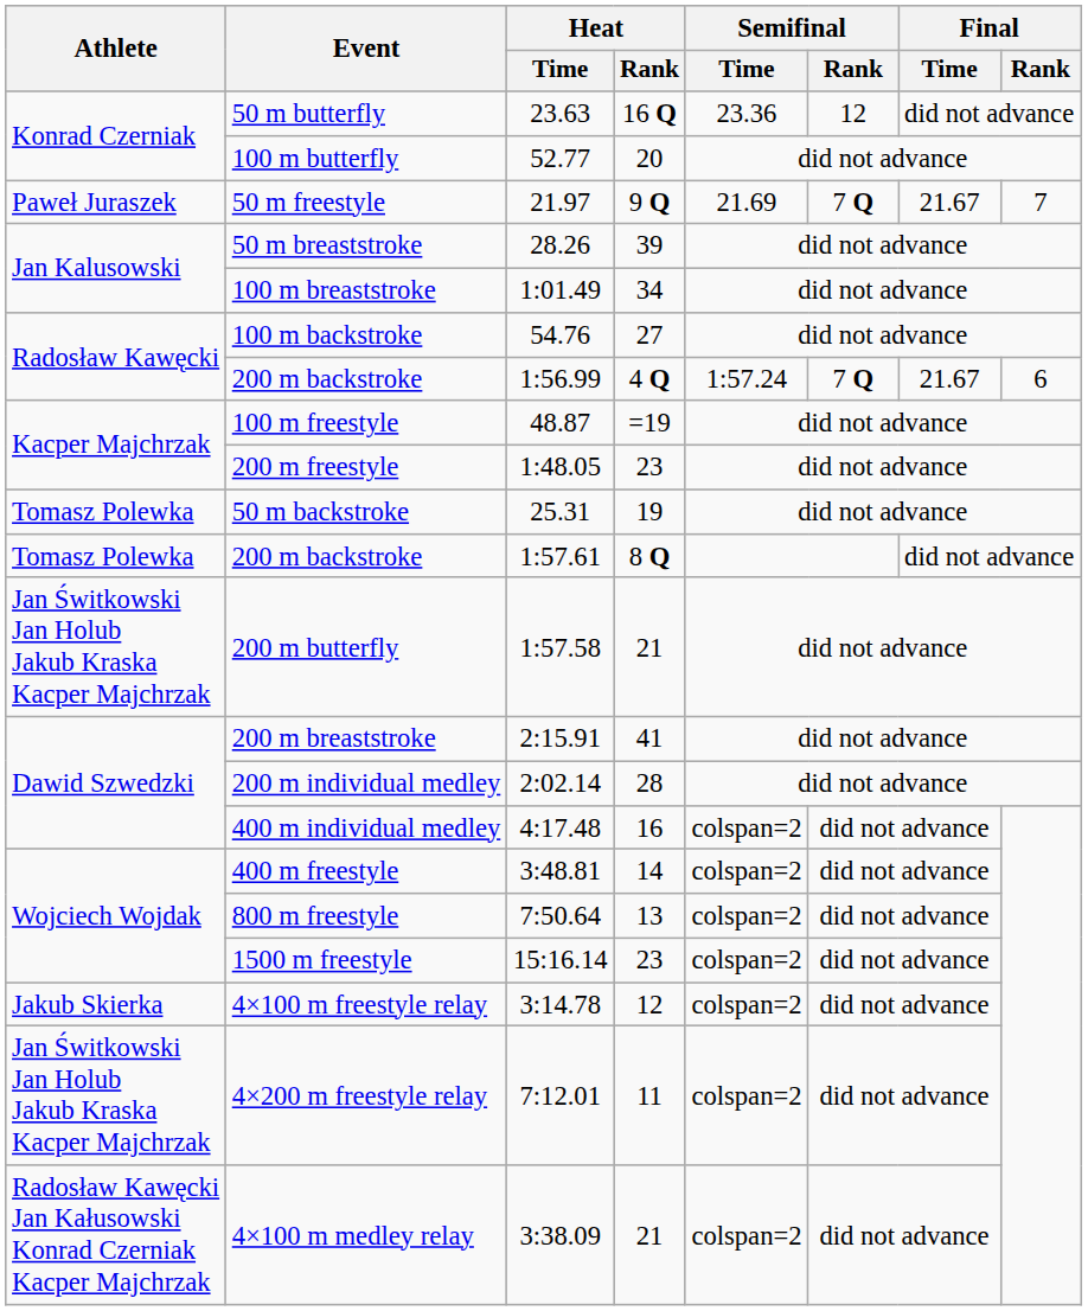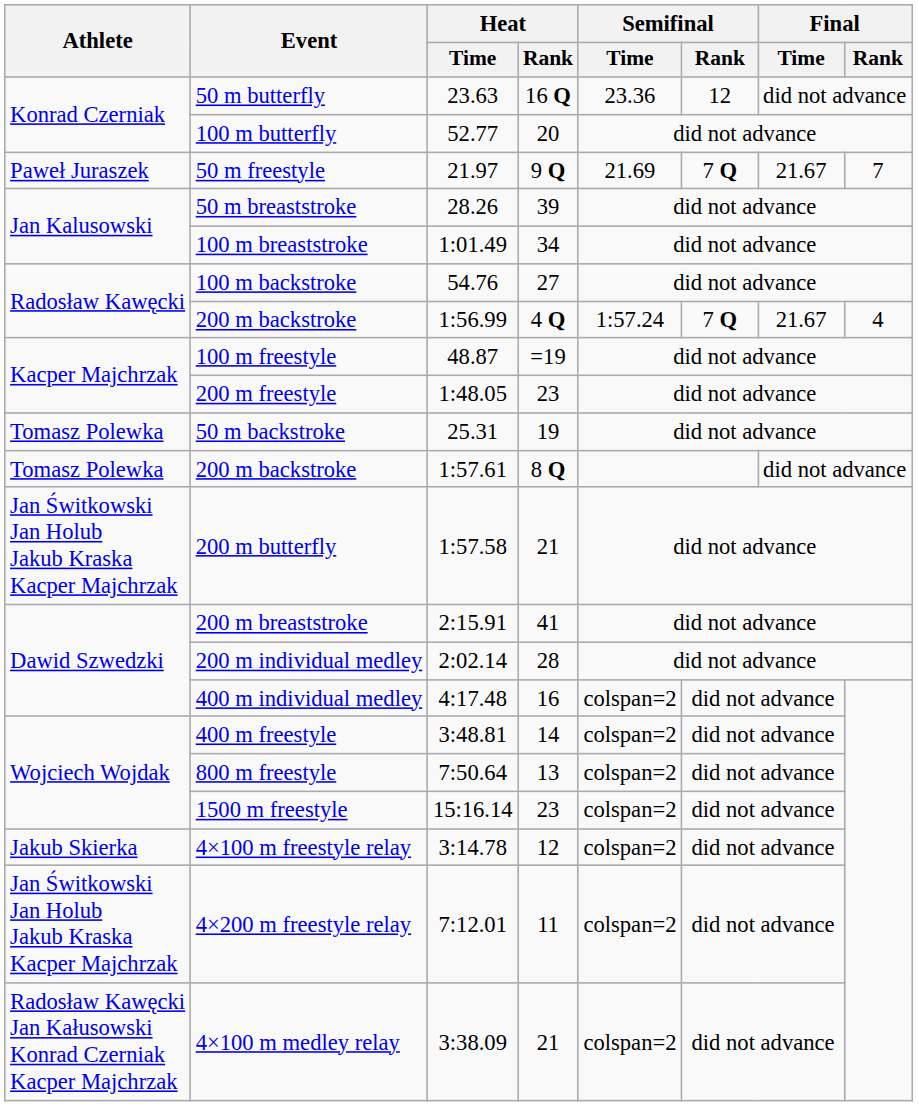 <table class="wikitable" style="text-align:center; font-size:90%">
 <tr>
 <th rowspan="2">Athlete</th>
 <th rowspan="2">Event</th>
 <th colspan="2">Heat</th>
 <th colspan="2">Semifinal</th>
 <th colspan="2">Final</th>
 </tr>
 <tr style="font-size:95%">
 <th>Time</th>
 <th>Rank</th>
 <th>Time</th>
 <th>Rank</th>
 <th>Time</th>
 <th>Rank</th>
 </tr>
 <tr>
 <td align=left rowspan=2><a href='#'>Konrad Czerniak</a></td>
 <td align=left><a href='#'>50 m butterfly</a></td>
 <td>23.63</td>
 <td>16 <strong>Q</strong></td>
 <td>23.36</td>
 <td>12</td>
 <td colspan=2>did not advance</td>
 </tr>
 <tr>
 <td align=left><a href='#'>100 m butterfly</a></td>
 <td>52.77</td>
 <td>20</td>
 <td colspan=4>did not advance</td>
 </tr>
 <tr>
 <td align=left><a href='#'>Paweł Juraszek</a></td>
 <td align=left><a href='#'>50 m freestyle</a></td>
 <td>21.97</td>
 <td>9 <strong>Q</strong></td>
 <td>21.69</td>
 <td>7 <strong>Q</strong></td>
 <td>21.67</td>
 <td>7</td>
 </tr>
 <tr>
 <td align=left rowspan=2><a href='#'>Jan Kalusowski</a></td>
 <td align=left><a href='#'>50 m breaststroke</a></td>
 <td>28.26</td>
 <td>39</td>
 <td colspan=4>did not advance</td>
 </tr>
 <tr>
 <td align=left><a href='#'>100 m breaststroke</a></td>
 <td>1:01.49</td>
 <td>34</td>
 <td colspan=4>did not advance</td>
 </tr>
 <tr>
 <td align=left rowspan=2><a href='#'>Radosław Kawęcki</a></td>
 <td align=left><a href='#'>100 m backstroke</a></td>
 <td>54.76</td>
 <td>27</td>
 <td colspan=4>did not advance</td>
 </tr>
 <tr>
 <td align=left><a href='#'>200 m backstroke</a></td>
 <td>1:56.99</td>
 <td>4 <strong>Q</strong></td>
 <td>1:57.24</td>
 <td>7 <strong>Q</strong></td>
 <td>21.67</td>
-<td>6</td>
+<td>4</td>
 </tr>
 <tr>
 <td align=left rowspan=2><a href='#'>Kacper Majchrzak</a></td>
 <td align=left><a href='#'>100 m freestyle</a></td>
 <td>48.87</td>
 <td>=19</td>
 <td colspan=4>did not advance</td>
 </tr>
 <tr>
 <td align=left><a href='#'>200 m freestyle</a></td>
 <td>1:48.05</td>
 <td>23</td>
 <td colspan=4>did not advance</td>
 </tr>
 <tr>
 <td align=left><a href='#'>Tomasz Polewka</a></td>
 <td align=left><a href='#'>50 m backstroke</a></td>
 <td>25.31</td>
 <td>19</td>
 <td colspan=4>did not advance</td>
 </tr>
 <tr>
 <td align=left><a href='#'>Tomasz Polewka</a></td>
 <td align=left><a href='#'>200 m backstroke</a></td>
 <td>1:57.61</td>
 <td>8 <strong>Q</strong></td>
 <td colspan=2></td>
 <td colspan=2>did not advance</td>
 </tr>
 <tr>
 <td align=left><a href='#'>Jan Świtkowski</a><br><a href='#'>Jan Holub</a><br><a href='#'>Jakub Kraska</a><br><a href='#'>Kacper Majchrzak</a></td>
 <td align=left><a href='#'>200 m butterfly</a></td>
 <td>1:57.58</td>
 <td>21</td>
 <td colspan=4>did not advance</td>
 </tr>
 <tr>
 <td align=left rowspan=3><a href='#'>Dawid Szwedzki</a></td>
 <td align=left><a href='#'>200 m breaststroke</a></td>
 <td>2:15.91</td>
 <td>41</td>
 <td colspan=4>did not advance</td>
 </tr>
 <tr>
 <td align=left><a href='#'>200 m individual medley</a></td>
 <td>2:02.14</td>
 <td>28</td>
 <td colspan=4>did not advance</td>
 </tr>
 <tr>
 <td align=left><a href='#'>400 m individual medley</a></td>
 <td>4:17.48</td>
 <td>16</td>
 <td>colspan=2 </td>
 <td colspan=2>did not advance</td>
 </tr>
 <tr>
 <td align=left rowspan=3><a href='#'>Wojciech Wojdak</a></td>
 <td align=left><a href='#'>400 m freestyle</a></td>
 <td>3:48.81</td>
 <td>14</td>
 <td>colspan=2 </td>
 <td colspan=2>did not advance</td>
 </tr>
 <tr>
 <td align=left><a href='#'>800 m freestyle</a></td>
 <td>7:50.64</td>
 <td>13</td>
 <td>colspan=2 </td>
 <td colspan=2>did not advance</td>
 </tr>
 <tr>
 <td align=left><a href='#'>1500 m freestyle</a></td>
 <td>15:16.14</td>
 <td>23</td>
 <td>colspan=2 </td>
 <td colspan=2>did not advance</td>
 </tr>
 <tr>
 <td align=left><a href='#'>Jakub Skierka</a></td>
 <td align=left><a href='#'>4×100 m freestyle relay</a></td>
 <td>3:14.78</td>
 <td>12</td>
 <td>colspan=2 </td>
 <td colspan=2>did not advance</td>
 </tr>
 <tr>
 <td align=left><a href='#'>Jan Świtkowski</a><br><a href='#'>Jan Holub</a><br><a href='#'>Jakub Kraska</a><br><a href='#'>Kacper Majchrzak</a></td>
 <td align=left><a href='#'>4×200 m freestyle relay</a></td>
 <td>7:12.01</td>
 <td>11</td>
 <td>colspan=2 </td>
 <td colspan=2>did not advance</td>
 </tr>
 <tr>
 <td align=left><a href='#'>Radosław Kawęcki</a><br><a href='#'>Jan Kałusowski</a><br><a href='#'>Konrad Czerniak</a><br><a href='#'>Kacper Majchrzak</a></td>
 <td align=left><a href='#'>4×100 m medley relay</a></td>
 <td>3:38.09</td>
 <td>21</td>
 <td>colspan=2 </td>
 <td colspan=2>did not advance</td>
 </tr>
 </table>
